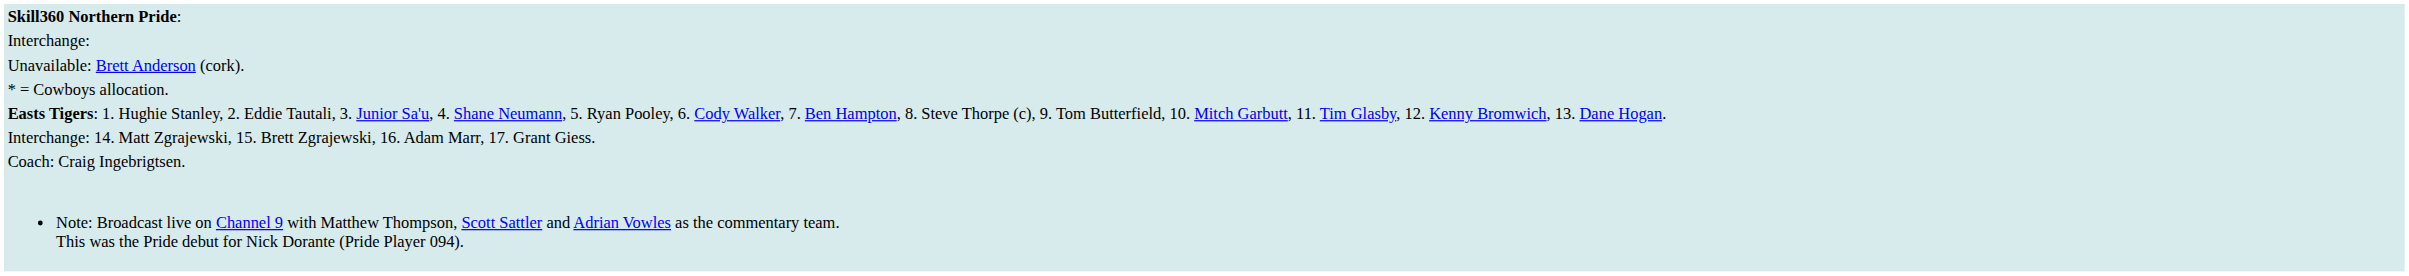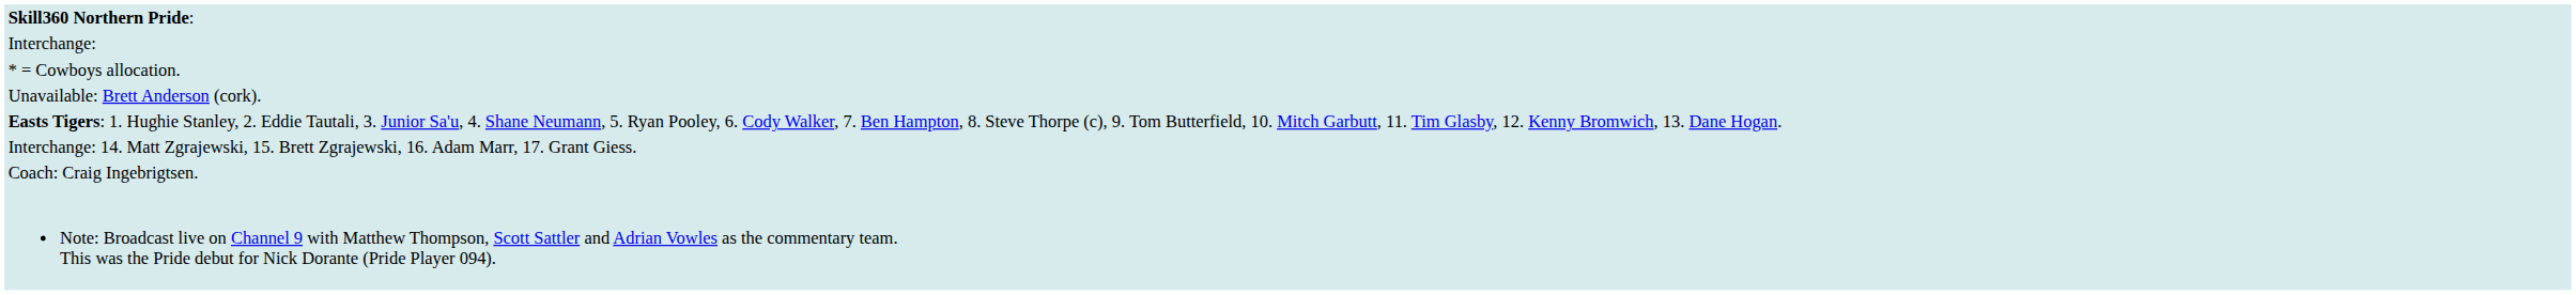 <table style="background:#d7ebed; font-size:85%; width:100%;">
 <tr>
 <td><strong>Skill360 Northern Pride</strong>:             </td>
 </tr>
 <tr>
 <td>Interchange:    </td>
 </tr>
 <tr>
-<td>Unavailable: <a href='#'>Brett Anderson</a> (cork).</td>
+<td>* = Cowboys allocation.</td>
 </tr>
 <tr>
-<td>* = Cowboys allocation.</td>
+<td>Unavailable: <a href='#'>Brett Anderson</a> (cork).</td>
 </tr>
 <tr>
 <td><strong>Easts Tigers</strong>: 1. Hughie Stanley, 2. Eddie Tautali, 3. <a href='#'>Junior Sa'u</a>, 4. <a href='#'>Shane Neumann</a>, 5. Ryan Pooley, 6. <a href='#'>Cody Walker</a>, 7. <a href='#'>Ben Hampton</a>, 8. Steve Thorpe (c), 9. Tom Butterfield, 10. <a href='#'>Mitch Garbutt</a>, 11. <a href='#'>Tim Glasby</a>, 12. <a href='#'>Kenny Bromwich</a>, 13. <a href='#'>Dane Hogan</a>.</td>
 </tr>
 <tr>
 <td>Interchange: 14. Matt Zgrajewski, 15. Brett Zgrajewski, 16. Adam Marr, 17. Grant Giess.</td>
 </tr>
 <tr>
 <td>Coach: Craig Ingebrigtsen.</td>
 </tr>
 <tr>
 <td><br><ul><li>Note: Broadcast live on <a href='#'>Channel 9</a> with Matthew Thompson, <a href='#'>Scott Sattler</a> and <a href='#'>Adrian Vowles</a> as the commentary team.<br>This was the Pride debut for Nick Dorante (Pride Player 094).</li></ul></td>
 </tr>
 </table>
